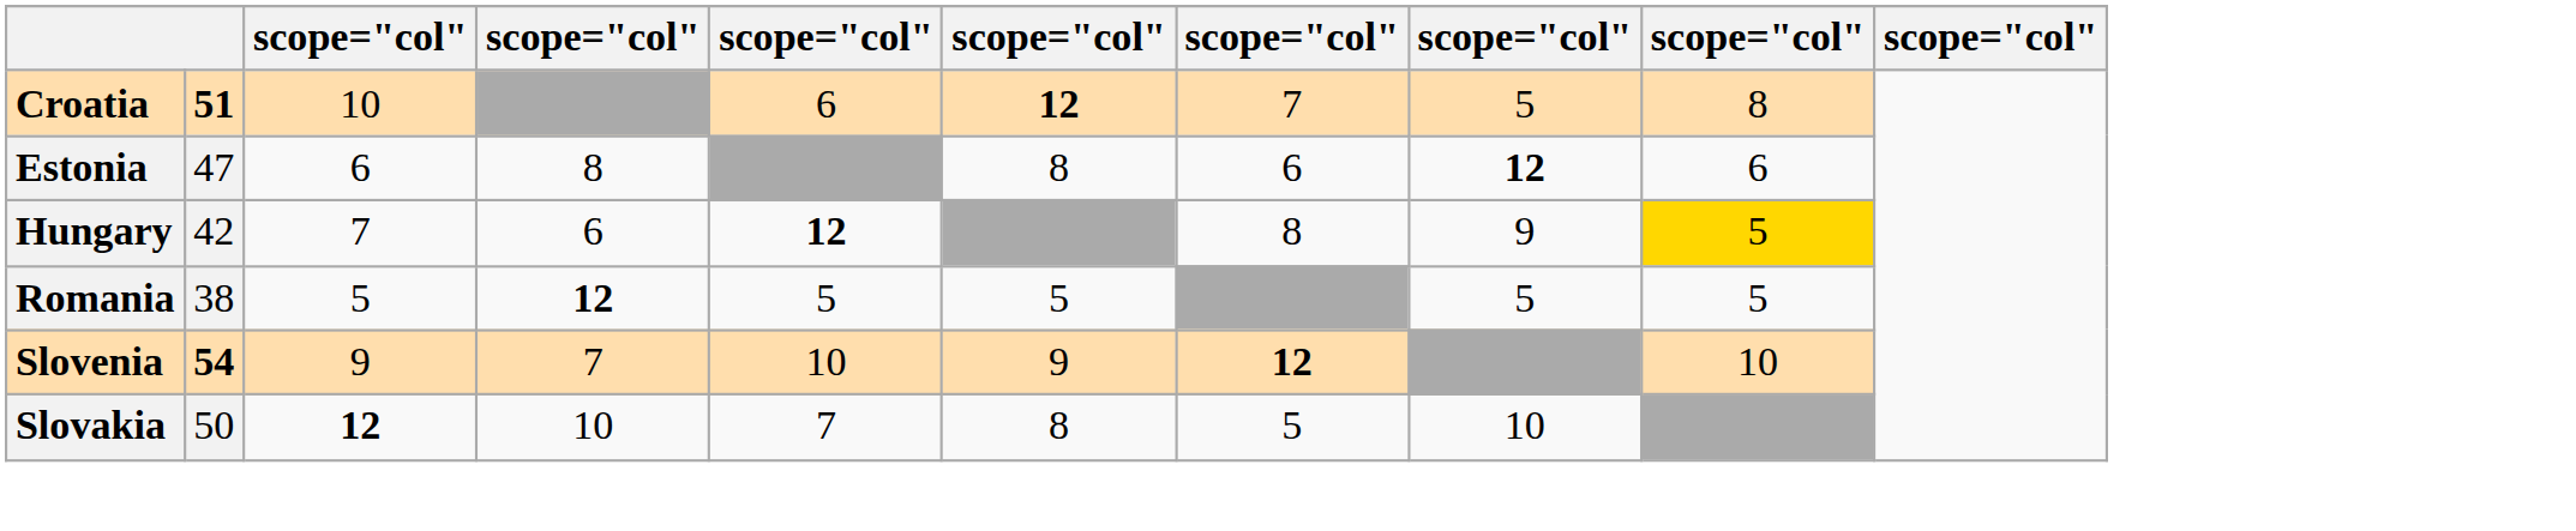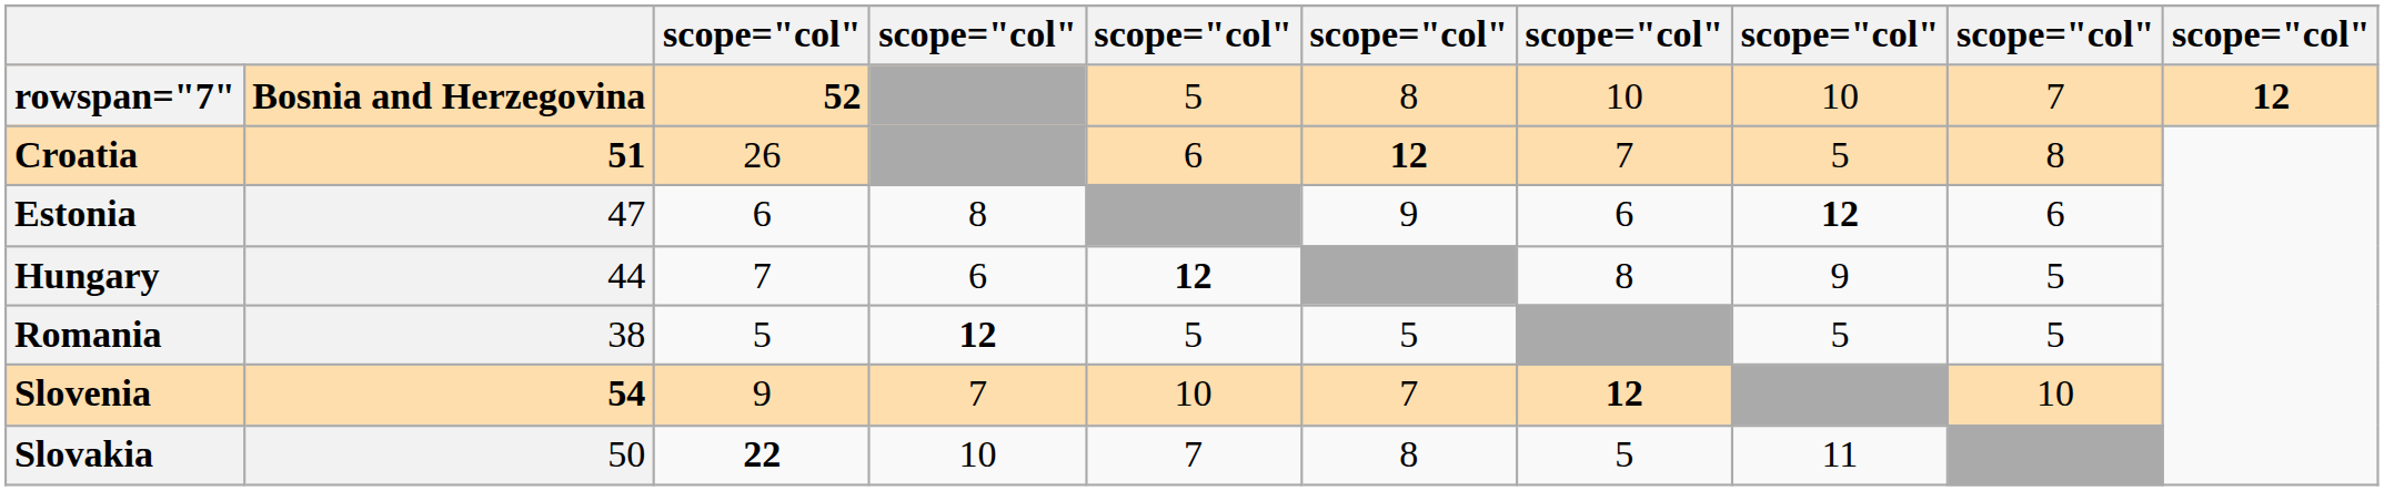 <table class="wikitable plainrowheaders" style="text-align:center;">
 <tr>
 </tr>
 <tr>
 <th colspan="2"></th>
 <th>scope="col" </th>
 <th>scope="col" </th>
 <th>scope="col" </th>
 <th>scope="col" </th>
 <th>scope="col" </th>
 <th>scope="col" </th>
 <th>scope="col" </th>
 <th>scope="col" </th>
 </tr>
 <tr style="background:navajowhite;">
+<th>rowspan="7" </th>
+<th scope="row" style="text-align:left; font-weight:bold; background:navajowhite;">Bosnia and Herzegovina</th>
+<td style="text-align:right; font-weight:bold;">52</td>
+<td style="text-align:left; background-color:#aaa"></td>
+<td>5</td>
+<td>8</td>
+<td>10</td>
+<td>10</td>
+<td>7</td>
+<td><strong>12</strong></td>
+</tr>
+<tr style="background:navajowhite;">
 <th scope="row" style="text-align:left; font-weight:bold; background:navajowhite;">Croatia</th>
 <td style="text-align:right; font-weight:bold;">51</td>
-<td>10</td>
+<td>26</td>
 <td style="text-align:left; background-color:#aaa"></td>
 <td>6</td>
 <td><strong>12</strong></td>
 <td>7</td>
 <td>5</td>
 <td>8</td>
 </tr>
 <tr>
 <th scope="row" style="text-align:left; background:#f2f2f2;">Estonia</th>
 <td style="text-align:right; background:#f2f2f2;">47</td>
 <td>6</td>
 <td>8</td>
 <td style="text-align:left; background-color:#aaa"></td>
-<td>8</td>
+<td>9</td>
 <td>6</td>
 <td><strong>12</strong></td>
 <td>6</td>
 </tr>
 <tr>
 <th scope="row" style="text-align:left; background:#f2f2f2;">Hungary</th>
-<td style="text-align:right; background:#f2f2f2;">42</td>
+<td style="text-align:right; background:#f2f2f2;">44</td>
 <td>7</td>
 <td>6</td>
 <td><strong>12</strong></td>
 <td style="text-align:left; background-color:#aaa"></td>
 <td>8</td>
 <td>9</td>
-<td style="background: gold;">5</td>
+<td>5</td>
 </tr>
 <tr>
 <th scope="row" style="text-align:left; background:#f2f2f2;">Romania</th>
 <td style="text-align:right; background:#f2f2f2;">38</td>
 <td>5</td>
 <td><strong>12</strong></td>
 <td>5</td>
 <td>5</td>
 <td style="text-align:left; background-color:#aaa"></td>
 <td>5</td>
 <td>5</td>
 </tr>
 <tr style="background:navajowhite;">
 <th scope="row" style="text-align:left; font-weight:bold; background:navajowhite;">Slovenia</th>
 <td style="text-align:right; font-weight:bold;">54</td>
 <td>9</td>
 <td>7</td>
 <td>10</td>
-<td>9</td>
+<td>7</td>
 <td><strong>12</strong></td>
 <td style="text-align:left; background-color:#aaa"></td>
 <td>10</td>
 </tr>
 <tr>
 <th scope="row" style="text-align:left; background:#f2f2f2;">Slovakia</th>
 <td style="text-align:right; background:#f2f2f2;">50</td>
-<td><strong>12</strong></td>
+<td><strong>22</strong></td>
 <td>10</td>
 <td>7</td>
 <td>8</td>
 <td>5</td>
-<td>10</td>
+<td>11</td>
 <td style="text-align:left; background-color:#aaa"></td>
 </tr>
 </table>
